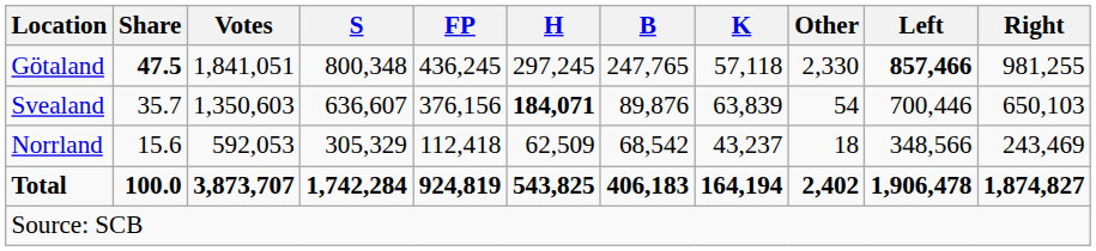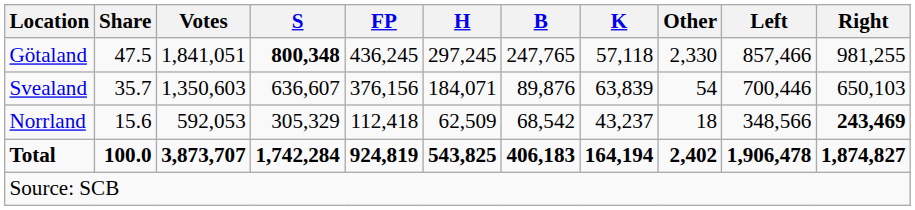 <table class="wikitable sortable" style=text-align:right>
 <tr>
 <th>Location</th>
 <th>Share</th>
 <th>Votes</th>
 <th><a href='#'>S</a></th>
 <th><a href='#'>FP</a></th>
 <th><a href='#'>H</a></th>
 <th><a href='#'>B</a></th>
 <th><a href='#'>K</a></th>
 <th>Other</th>
 <th>Left</th>
 <th>Right</th>
 </tr>
 <tr>
 <td align=left><a href='#'>Götaland</a></td>
-<td><strong>47.5</strong></td>
+<td>47.5</td>
 <td>1,841,051</td>
-<td>800,348</td>
+<td><strong>800,348</strong></td>
 <td>436,245</td>
 <td>297,245</td>
 <td>247,765</td>
 <td>57,118</td>
 <td>2,330</td>
-<td><strong>857,466</strong></td>
+<td>857,466</td>
 <td>981,255</td>
 </tr>
 <tr>
 <td align=left><a href='#'>Svealand</a></td>
 <td>35.7</td>
 <td>1,350,603</td>
 <td>636,607</td>
 <td>376,156</td>
-<td><strong>184,071</strong></td>
+<td>184,071</td>
 <td>89,876</td>
 <td>63,839</td>
 <td>54</td>
 <td>700,446</td>
 <td>650,103</td>
 </tr>
 <tr>
 <td align=left><a href='#'>Norrland</a></td>
 <td>15.6</td>
 <td>592,053</td>
 <td>305,329</td>
 <td>112,418</td>
 <td>62,509</td>
 <td>68,542</td>
 <td>43,237</td>
 <td>18</td>
 <td>348,566</td>
-<td>243,469</td>
+<td><strong>243,469</strong></td>
 </tr>
 <tr>
 <td align=left><strong>Total</strong></td>
 <td><strong>100.0</strong></td>
 <td><strong>3,873,707</strong></td>
 <td><strong>1,742,284</strong></td>
 <td><strong>924,819</strong></td>
 <td><strong>543,825</strong></td>
 <td><strong>406,183</strong></td>
 <td><strong>164,194</strong></td>
 <td><strong>2,402</strong></td>
 <td><strong>1,906,478</strong></td>
 <td><strong>1,874,827</strong></td>
 </tr>
 <tr>
 <td align=left colspan=11>Source: SCB </td>
 </tr>
 </table>
